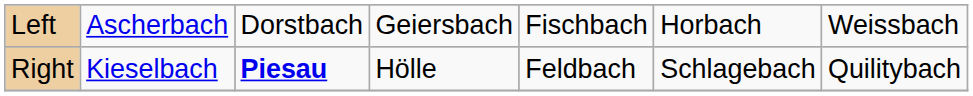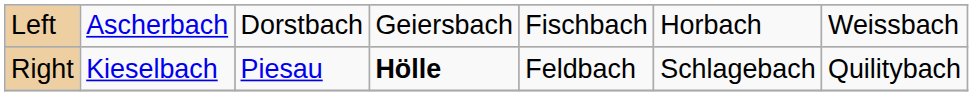 <table class="wikitable">
 <tr>
 <td bgcolor="#EECFA1">Left</td>
 <td><a href='#'>Ascherbach</a></td>
 <td>Dorstbach</td>
 <td>Geiersbach</td>
 <td>Fischbach</td>
 <td>Horbach</td>
 <td>Weissbach</td>
 </tr>
 <tr>
 <td bgcolor="#EECFA1">Right</td>
 <td><a href='#'>Kieselbach</a></td>
-<td><strong><a href='#'>Piesau</a></strong></td>
-<td>Hölle</td>
+<td><a href='#'>Piesau</a></td>
+<td><strong>Hölle</strong></td>
 <td>Feldbach</td>
 <td>Schlagebach</td>
 <td>Quilitybach</td>
 </tr>
 <tr>
 </tr>
 </table>
